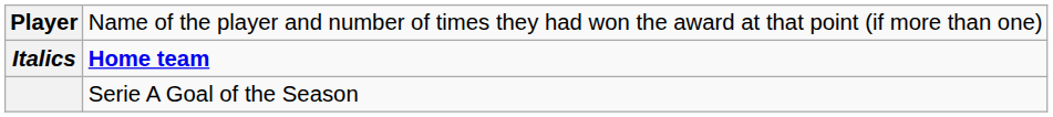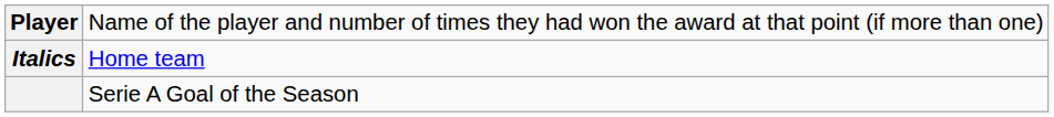 <table class="wikitable">
 <tr>
 <th scope="row"><strong>Player </strong></th>
 <td>Name of the player and number of times they had won the award at that point (if more than one)</td>
 </tr>
 <tr>
 <th scope="row"><em>Italics</em></th>
-<td><strong><a href='#'>Home team</a></strong></td>
+<td><a href='#'>Home team</a></td>
 </tr>
 <tr>
 <th scope="row"></th>
 <td>Serie A Goal of the Season</td>
 </tr>
 </table>
